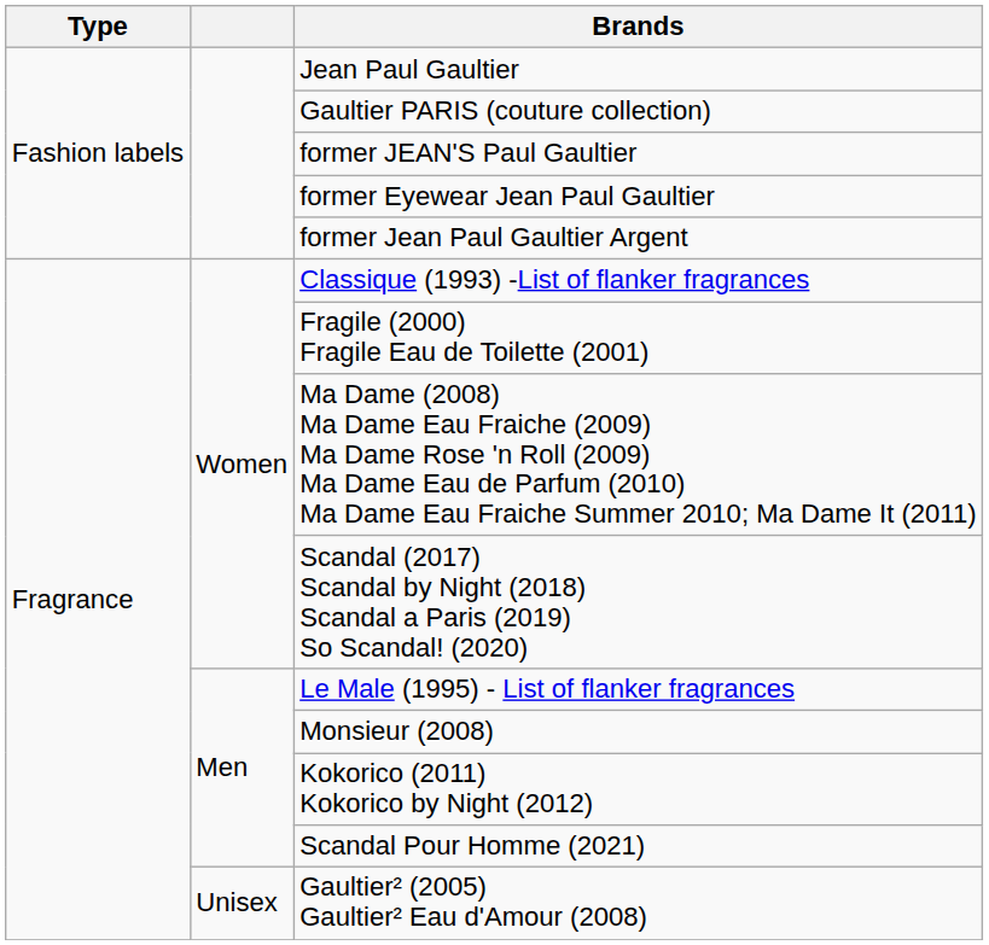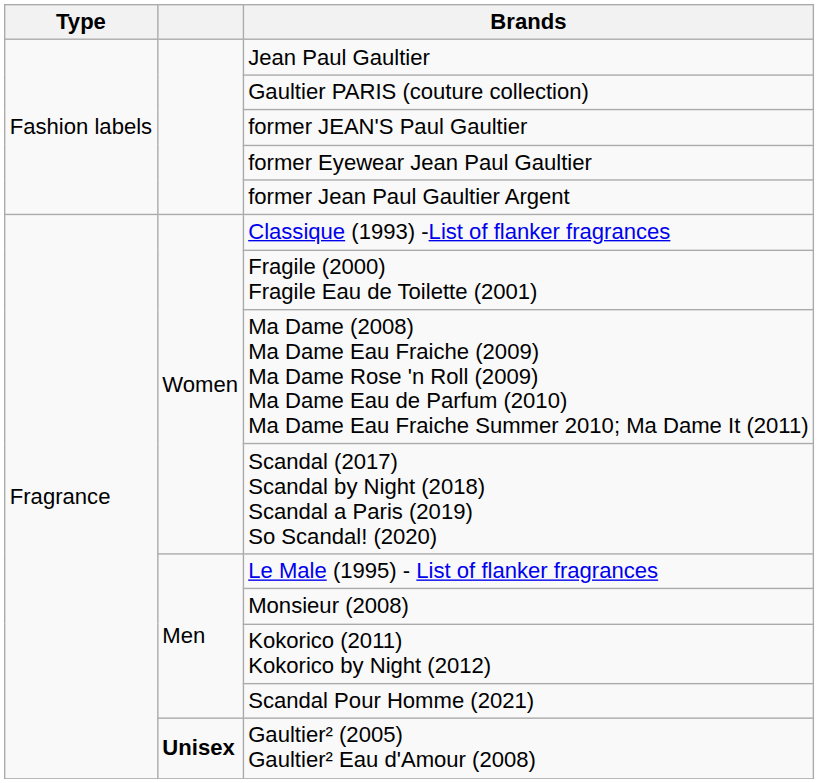 <table class="wikitable">
 <tr>
 <th>Type</th>
 <th></th>
 <th>Brands</th>
 </tr>
 <tr>
 <td rowspan="5">Fashion labels</td>
 <td rowspan="5"></td>
 <td>Jean Paul Gaultier</td>
 </tr>
 <tr>
 <td>Gaultier PARIS (couture collection)</td>
 </tr>
 <tr>
 <td>former JEAN'S Paul Gaultier</td>
 </tr>
 <tr>
 <td>former Eyewear Jean Paul Gaultier</td>
 </tr>
 <tr>
 <td>former Jean Paul Gaultier Argent</td>
 </tr>
 <tr>
 <td rowspan="9">Fragrance</td>
 <td rowspan="4">Women</td>
 <td><a href='#'>Classique</a> (1993) -<a href='#'>List of flanker fragrances</a></td>
 </tr>
 <tr>
 <td>Fragile (2000)<br>Fragile Eau de Toilette (2001)</td>
 </tr>
 <tr>
 <td>Ma Dame (2008)<br>Ma Dame Eau Fraiche (2009)<br>Ma Dame Rose 'n Roll (2009)<br>Ma Dame Eau de Parfum (2010)<br>Ma Dame Eau Fraiche Summer 2010; Ma Dame It (2011)</td>
 </tr>
 <tr>
 <td>Scandal (2017)<br>Scandal by Night (2018)<br>Scandal a Paris (2019)<br>So Scandal! (2020)</td>
 </tr>
 <tr>
 <td rowspan="4">Men</td>
 <td><a href='#'>Le Male</a> (1995) - <a href='#'>List of flanker fragrances</a></td>
 </tr>
 <tr>
 <td>Monsieur (2008)</td>
 </tr>
 <tr>
 <td>Kokorico (2011)<br>Kokorico by Night (2012)</td>
 </tr>
 <tr>
 <td>Scandal Pour Homme (2021)</td>
 </tr>
 <tr>
-<td>Unisex</td>
+<td><strong>Unisex</strong></td>
 <td>Gaultier² (2005)<br>Gaultier² Eau d'Amour (2008)</td>
 </tr>
 </table>
